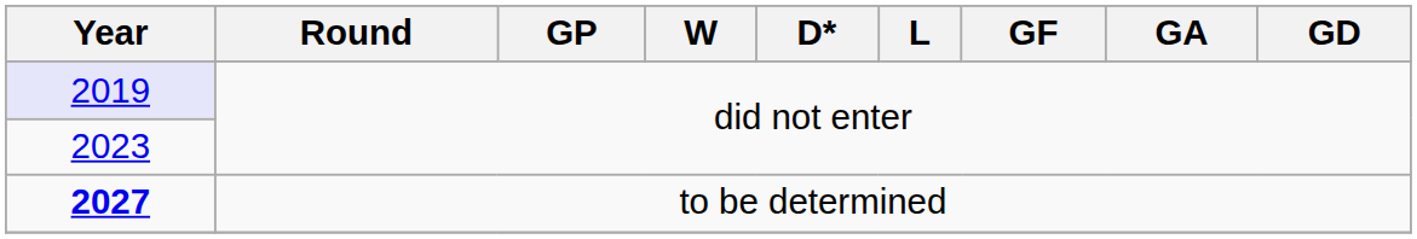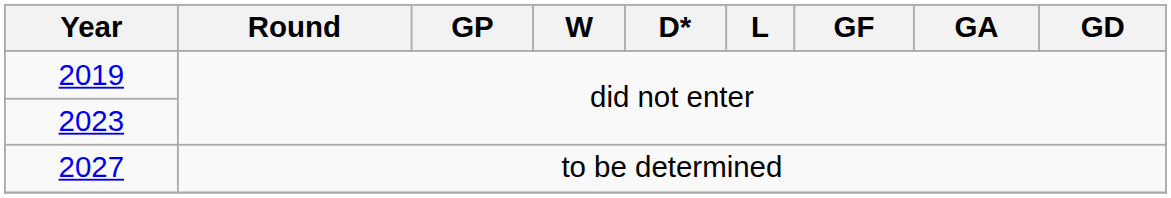 <table class="wikitable" style="text-align: center; width:50%;">
 <tr>
 <th>Year</th>
 <th>Round</th>
 <th>GP</th>
 <th>W</th>
 <th>D*</th>
 <th>L</th>
 <th>GF</th>
 <th>GA</th>
 <th>GD</th>
 </tr>
 <tr>
-<td style="background: lavender;"> <a href='#'>2019</a></td>
+<td> <a href='#'>2019</a></td>
 <td colspan=8 rowspan=2>did not enter</td>
 </tr>
 <tr>
 <td> <a href='#'>2023</a></td>
 </tr>
 <tr>
-<td><strong> <a href='#'>2027</a></strong></td>
+<td> <a href='#'>2027</a></td>
 <td colspan=8>to be determined</td>
 </tr>
 <tr>
 </tr>
 </table>
